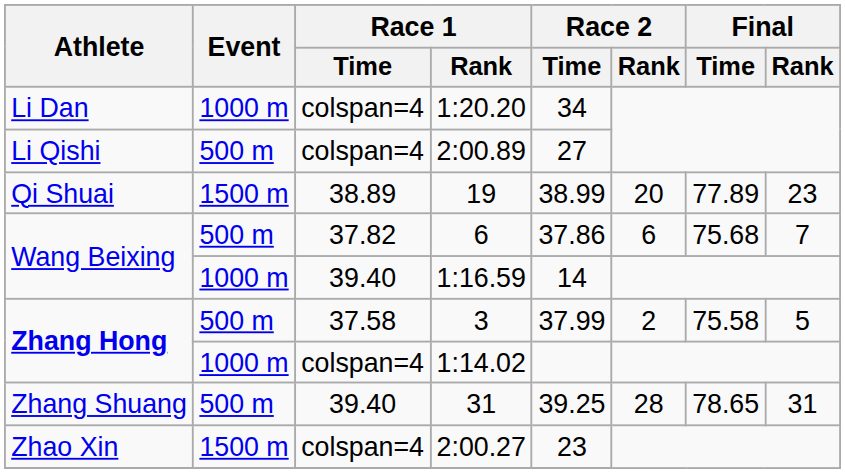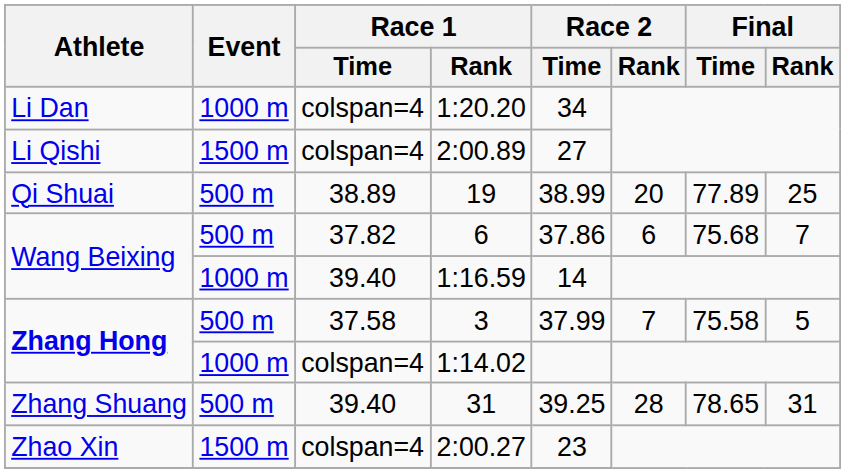 <table class="wikitable" style="font-size:90%">
 <tr>
 <th rowspan=2>Athlete</th>
 <th rowspan=2>Event</th>
 <th colspan=2>Race 1</th>
 <th colspan=2>Race 2</th>
 <th colspan=2>Final</th>
 </tr>
 <tr style="font-size:95%">
 <th>Time</th>
 <th>Rank</th>
 <th>Time</th>
 <th>Rank</th>
 <th>Time</th>
 <th>Rank</th>
 </tr>
 <tr align=center>
 <td align=left><a href='#'>Li Dan</a></td>
 <td align=left><a href='#'>1000 m</a></td>
 <td>colspan=4 </td>
 <td>1:20.20</td>
 <td>34</td>
 </tr>
 <tr align=center>
 <td align=left><a href='#'>Li Qishi</a></td>
-<td align=left><a href='#'>500 m</a></td>
+<td align=left><a href='#'>1500 m</a></td>
 <td>colspan=4 </td>
 <td>2:00.89</td>
 <td>27</td>
 </tr>
 <tr align=center>
 <td align=left><a href='#'>Qi Shuai</a></td>
-<td align=left><a href='#'>1500 m</a></td>
+<td align=left><a href='#'>500 m</a></td>
 <td>38.89</td>
 <td>19</td>
 <td>38.99</td>
 <td>20</td>
 <td>77.89</td>
-<td>23</td>
+<td>25</td>
 </tr>
 <tr align=center>
 <td align=left rowspan=2><a href='#'>Wang Beixing</a></td>
 <td align=left><a href='#'>500 m</a></td>
 <td>37.82</td>
 <td>6</td>
 <td>37.86</td>
 <td>6</td>
 <td>75.68</td>
 <td>7</td>
 </tr>
 <tr align=center>
 <td align=left><a href='#'>1000 m</a></td>
 <td>39.40</td>
 <td>1:16.59</td>
 <td>14</td>
 </tr>
 <tr align=center>
 <td align=left rowspan=2><strong><a href='#'>Zhang Hong</a></strong></td>
 <td align=left><a href='#'>500 m</a></td>
 <td>37.58</td>
 <td>3</td>
 <td>37.99</td>
-<td>2</td>
+<td>7</td>
 <td>75.58</td>
 <td>5</td>
 </tr>
 <tr align=center>
 <td align=left><a href='#'>1000 m</a></td>
 <td>colspan=4 </td>
 <td>1:14.02</td>
 <td></td>
 </tr>
 <tr align=center>
 <td align=left><a href='#'>Zhang Shuang</a></td>
 <td align=left><a href='#'>500 m</a></td>
 <td>39.40</td>
 <td>31</td>
 <td>39.25</td>
 <td>28</td>
 <td>78.65</td>
 <td>31</td>
 </tr>
 <tr align=center>
 <td align=left><a href='#'>Zhao Xin</a></td>
 <td align=left><a href='#'>1500 m</a></td>
 <td>colspan=4 </td>
 <td>2:00.27</td>
 <td>23</td>
 </tr>
 <tr align=center>
 </tr>
 </table>
